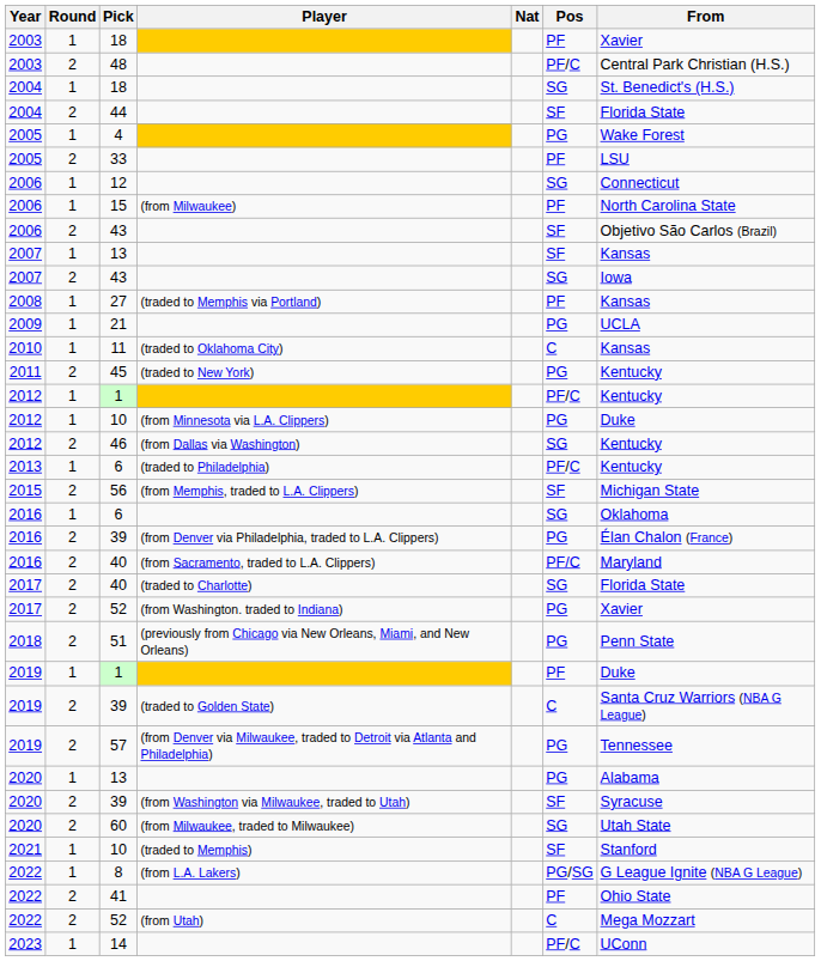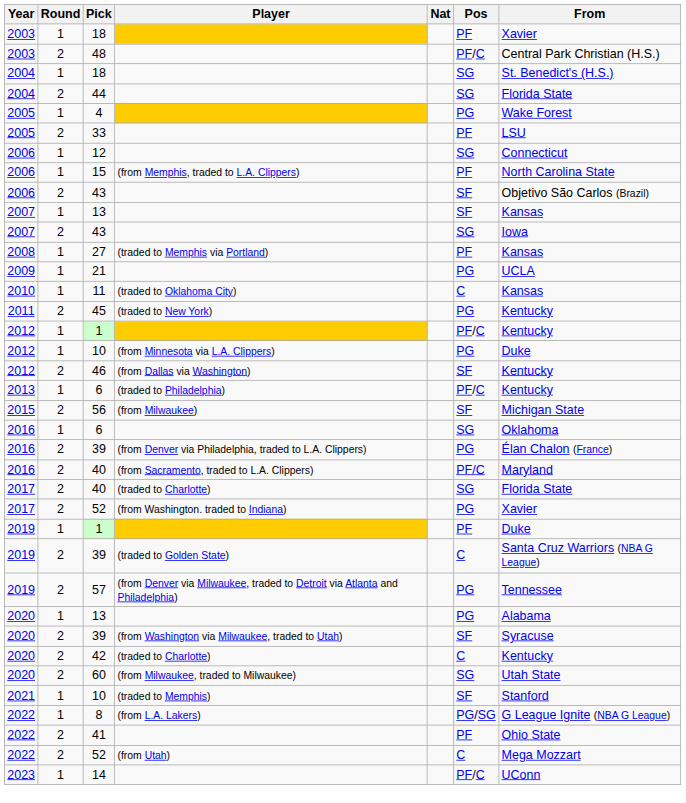 <table class="wikitable sortable">
 <tr>
 <th>Year</th>
 <th>Round</th>
 <th>Pick</th>
 <th>Player</th>
 <th>Nat</th>
 <th>Pos</th>
 <th>From</th>
 </tr>
 <tr>
 <td align="center"><a href='#'>2003</a></td>
 <td align="center">1</td>
 <td align="center">18</td>
 <td bgcolor="FFCC00"></td>
 <td></td>
 <td><a href='#'>PF</a></td>
 <td><a href='#'>Xavier</a></td>
 </tr>
 <tr>
 <td align="center"><a href='#'>2003</a></td>
 <td align="center">2</td>
 <td align="center">48</td>
 <td></td>
 <td></td>
 <td><a href='#'>PF</a>/<a href='#'>C</a></td>
 <td>Central Park Christian (H.S.)</td>
 </tr>
 <tr>
 <td align="center"><a href='#'>2004</a></td>
 <td align="center">1</td>
 <td align="center">18</td>
 <td></td>
 <td></td>
 <td><a href='#'>SG</a></td>
 <td><a href='#'>St. Benedict's (H.S.)</a></td>
 </tr>
 <tr>
 <td align="center"><a href='#'>2004</a></td>
 <td align="center">2</td>
 <td align="center">44</td>
 <td></td>
 <td></td>
-<td><a href='#'>SF</a></td>
+<td><a href='#'>SG</a></td>
 <td><a href='#'>Florida State</a></td>
 </tr>
 <tr>
 <td align="center"><a href='#'>2005</a></td>
 <td align="center">1</td>
 <td align="center">4</td>
 <td bgcolor="FFCC00"></td>
 <td></td>
 <td><a href='#'>PG</a></td>
 <td><a href='#'>Wake Forest</a></td>
 </tr>
 <tr>
 <td align="center"><a href='#'>2005</a></td>
 <td align="center">2</td>
 <td align="center">33</td>
 <td></td>
 <td></td>
 <td><a href='#'>PF</a></td>
 <td><a href='#'>LSU</a></td>
 </tr>
 <tr>
 <td align="center"><a href='#'>2006</a></td>
 <td align="center">1</td>
 <td align="center">12</td>
 <td></td>
 <td></td>
 <td><a href='#'>SG</a></td>
 <td><a href='#'>Connecticut</a></td>
 </tr>
 <tr>
 <td align="center"><a href='#'>2006</a></td>
 <td align="center">1</td>
 <td align="center">15</td>
-<td> <small>(from <a href='#'>Milwaukee</a>)</small></td>
+<td> <small>(from <a href='#'>Memphis</a>, traded to <a href='#'>L.A. Clippers</a>)</small></td>
 <td></td>
 <td><a href='#'>PF</a></td>
 <td><a href='#'>North Carolina State</a></td>
 </tr>
 <tr>
 <td align="center"><a href='#'>2006</a></td>
 <td align="center">2</td>
 <td align="center">43</td>
 <td></td>
 <td></td>
 <td><a href='#'>SF</a></td>
 <td>Objetivo São Carlos <small>(Brazil)</small></td>
 </tr>
 <tr>
 <td align="center"><a href='#'>2007</a></td>
 <td align="center">1</td>
 <td align="center">13</td>
 <td></td>
 <td></td>
 <td><a href='#'>SF</a></td>
 <td><a href='#'>Kansas</a></td>
 </tr>
 <tr>
 <td align="center"><a href='#'>2007</a></td>
 <td align="center">2</td>
 <td align="center">43</td>
 <td></td>
 <td></td>
 <td><a href='#'>SG</a></td>
 <td><a href='#'>Iowa</a></td>
 </tr>
 <tr>
 <td align="center"><a href='#'>2008</a></td>
 <td align="center">1</td>
 <td align="center">27</td>
 <td> <small>(traded to <a href='#'>Memphis</a> via <a href='#'>Portland</a>)</small></td>
 <td></td>
 <td><a href='#'>PF</a></td>
 <td><a href='#'>Kansas</a></td>
 </tr>
 <tr>
 <td align="center"><a href='#'>2009</a></td>
 <td align="center">1</td>
 <td align="center">21</td>
 <td></td>
 <td></td>
 <td><a href='#'>PG</a></td>
 <td><a href='#'>UCLA</a></td>
 </tr>
 <tr>
 <td align="center"><a href='#'>2010</a></td>
 <td align="center">1</td>
 <td align="center">11</td>
 <td> <small>(traded to <a href='#'>Oklahoma City</a>)</small></td>
 <td></td>
 <td><a href='#'>C</a></td>
 <td><a href='#'>Kansas</a></td>
 </tr>
 <tr>
 <td align="center"><a href='#'>2011</a></td>
 <td align="center">2</td>
 <td align="center">45</td>
 <td> <small>(traded to <a href='#'>New York</a>)</small></td>
 <td></td>
 <td><a href='#'>PG</a></td>
 <td><a href='#'>Kentucky</a></td>
 </tr>
 <tr>
 <td align="center"><a href='#'>2012</a></td>
 <td align="center">1</td>
 <td align="center" bgcolor="#CCFFCC">1</td>
 <td bgcolor="FFCC00"></td>
 <td></td>
 <td><a href='#'>PF</a>/<a href='#'>C</a></td>
 <td><a href='#'>Kentucky</a></td>
 </tr>
 <tr>
 <td align="center"><a href='#'>2012</a></td>
 <td align="center">1</td>
 <td align="center">10</td>
 <td> <small>(from <a href='#'>Minnesota</a> via <a href='#'>L.A. Clippers</a>)</small></td>
 <td></td>
 <td><a href='#'>PG</a></td>
 <td><a href='#'>Duke</a></td>
 </tr>
 <tr>
 <td align="center"><a href='#'>2012</a></td>
 <td align="center">2</td>
 <td align="center">46</td>
 <td> <small>(from <a href='#'>Dallas</a> via <a href='#'>Washington</a>)</small></td>
 <td></td>
-<td><a href='#'>SG</a></td>
+<td><a href='#'>SF</a></td>
 <td><a href='#'>Kentucky</a></td>
 </tr>
 <tr>
 <td align="center"><a href='#'>2013</a></td>
 <td align="center">1</td>
 <td align="center">6</td>
 <td> <small>(traded to <a href='#'>Philadelphia</a>)</small></td>
 <td></td>
 <td><a href='#'>PF</a>/<a href='#'>C</a></td>
 <td><a href='#'>Kentucky</a></td>
 </tr>
 <tr>
 <td align="center"><a href='#'>2015</a></td>
 <td align="center">2</td>
 <td align="center">56</td>
-<td> <small>(from <a href='#'>Memphis</a>, traded to <a href='#'>L.A. Clippers</a>)</small></td>
+<td> <small>(from <a href='#'>Milwaukee</a>)</small></td>
 <td></td>
 <td><a href='#'>SF</a></td>
 <td><a href='#'>Michigan State</a></td>
 </tr>
 <tr>
 <td align=center><a href='#'>2016</a></td>
 <td align=center>1</td>
 <td align=center>6</td>
 <td></td>
 <td></td>
 <td><a href='#'>SG</a></td>
 <td><a href='#'>Oklahoma</a></td>
 </tr>
 <tr>
 <td align=center><a href='#'>2016</a></td>
 <td align=center>2</td>
 <td align=center>39</td>
 <td> <small>(from <a href='#'>Denver</a> via Philadelphia, traded to L.A. Clippers)</small></td>
 <td></td>
 <td><a href='#'>PG</a></td>
 <td><a href='#'>Élan Chalon</a> <small>(<a href='#'>France</a>)</small></td>
 </tr>
 <tr>
 <td align=center><a href='#'>2016</a></td>
 <td align=center>2</td>
 <td align=center>40</td>
 <td> <small>(from <a href='#'>Sacramento</a>, traded to L.A. Clippers)</small></td>
 <td></td>
 <td><a href='#'>PF/C</a></td>
 <td><a href='#'>Maryland</a></td>
 </tr>
 <tr>
 <td align=center><a href='#'>2017</a></td>
 <td align=center>2</td>
 <td align=center>40</td>
 <td> <small>(traded to <a href='#'>Charlotte</a>)</small></td>
 <td></td>
 <td><a href='#'>SG</a></td>
 <td><a href='#'>Florida State</a></td>
 </tr>
 <tr>
 <td align=center><a href='#'>2017</a></td>
 <td align=center>2</td>
 <td align=center>52</td>
 <td> <small>(from Washington. traded to <a href='#'>Indiana</a>)</small></td>
 <td></td>
 <td><a href='#'>PG</a></td>
 <td><a href='#'>Xavier</a></td>
 </tr>
 <tr>
-<td align=center><a href='#'>2018</a></td>
-<td align=center>2</td>
-<td align=center>51</td>
-<td> <small>(previously from <a href='#'>Chicago</a> via New Orleans, <a href='#'>Miami</a>, and New Orleans)</small></td>
-<td></td>
-<td><a href='#'>PG</a></td>
-<td><a href='#'>Penn State</a></td>
-</tr>
-<tr>
 <td align=center><a href='#'>2019</a></td>
 <td align=center>1</td>
 <td align=center bgcolor="#CCFFCC">1</td>
 <td bgcolor="FFCC00"></td>
 <td></td>
 <td><a href='#'>PF</a></td>
 <td><a href='#'>Duke</a></td>
 </tr>
 <tr>
 <td align=center><a href='#'>2019</a></td>
 <td align=center>2</td>
 <td align=center>39</td>
 <td><small> (traded to <a href='#'>Golden State</a>)</small></td>
 <td></td>
 <td><a href='#'>C</a></td>
 <td><a href='#'>Santa Cruz Warriors</a> <small>(<a href='#'>NBA G League</a>)</small></td>
 </tr>
 <tr>
 <td align=center><a href='#'>2019</a></td>
 <td align=center>2</td>
 <td align=center>57</td>
 <td><small> (from <a href='#'>Denver</a> via <a href='#'>Milwaukee</a>, traded to <a href='#'>Detroit</a> via <a href='#'>Atlanta</a> and <a href='#'>Philadelphia</a>)</small></td>
 <td></td>
 <td><a href='#'>PG</a></td>
 <td><a href='#'>Tennessee</a></td>
 </tr>
 <tr>
 <td align=center><a href='#'>2020</a></td>
 <td align=center>1</td>
 <td align=center>13</td>
 <td></td>
 <td></td>
 <td><a href='#'>PG</a></td>
 <td><a href='#'>Alabama</a></td>
 </tr>
 <tr>
 <td align=center><a href='#'>2020</a></td>
 <td align=center>2</td>
 <td align=center>39</td>
 <td><small> (from <a href='#'>Washington</a> via <a href='#'>Milwaukee</a>, traded to <a href='#'>Utah</a>)</small></td>
 <td></td>
 <td><a href='#'>SF</a></td>
 <td><a href='#'>Syracuse</a></td>
+</tr>
+<tr>
+<td align=center><a href='#'>2020</a></td>
+<td align=center>2</td>
+<td align=center>42</td>
+<td><small> (traded to <a href='#'>Charlotte</a>)</small></td>
+<td></td>
+<td><a href='#'>C</a></td>
+<td><a href='#'>Kentucky</a></td>
 </tr>
 <tr>
 <td align=center><a href='#'>2020</a></td>
 <td align=center>2</td>
 <td align=center>60</td>
 <td><small> (from <a href='#'>Milwaukee</a>, traded to Milwaukee)</small></td>
 <td></td>
 <td><a href='#'>SG</a></td>
 <td><a href='#'>Utah State</a></td>
 </tr>
 <tr>
 <td align=center><a href='#'>2021</a></td>
 <td align=center>1</td>
 <td align=center>10</td>
 <td><small> (traded to <a href='#'>Memphis</a>)</small></td>
 <td></td>
 <td><a href='#'>SF</a></td>
 <td><a href='#'>Stanford</a></td>
 </tr>
 <tr>
 <td align=center><a href='#'>2022</a></td>
 <td align=center>1</td>
 <td align=center>8</td>
 <td><small> (from <a href='#'>L.A. Lakers</a>)</small></td>
 <td></td>
 <td><a href='#'>PG</a>/<a href='#'>SG</a></td>
 <td><a href='#'>G League Ignite</a> <small> (<a href='#'>NBA G League</a>)</small></td>
 </tr>
 <tr>
 <td align=center><a href='#'>2022</a></td>
 <td align=center>2</td>
 <td align=center>41</td>
 <td></td>
 <td></td>
 <td><a href='#'>PF</a></td>
 <td><a href='#'>Ohio State</a></td>
 </tr>
 <tr>
 <td align=center><a href='#'>2022</a></td>
 <td align=center>2</td>
 <td align=center>52</td>
 <td><small> (from <a href='#'>Utah</a>) </small></td>
 <td></td>
 <td><a href='#'>C</a></td>
 <td><a href='#'>Mega Mozzart</a> </td>
 </tr>
 <tr>
 <td align=center><a href='#'>2023</a></td>
 <td align=center>1</td>
 <td align=center>14</td>
 <td></td>
 <td></td>
 <td><a href='#'>PF</a>/<a href='#'>C</a></td>
 <td><a href='#'>UConn</a></td>
 </tr>
 </table>
